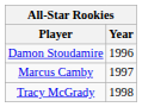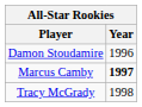 <table class="wikitable" style="text-align:center">
 <tr>
 <th colspan="2">All-Star Rookies</th>
 </tr>
 <tr>
 <th>Player</th>
 <th>Year</th>
 </tr>
 <tr>
 <td><a href='#'>Damon Stoudamire</a></td>
 <td>1996</td>
 </tr>
 <tr>
 <td><a href='#'>Marcus Camby</a></td>
-<td>1997</td>
+<td><strong>1997</strong></td>
 </tr>
 <tr>
 <td><a href='#'>Tracy McGrady</a></td>
 <td>1998</td>
 </tr>
 </table>
